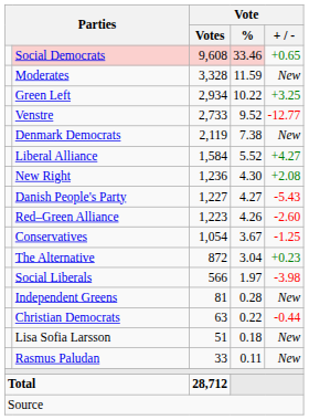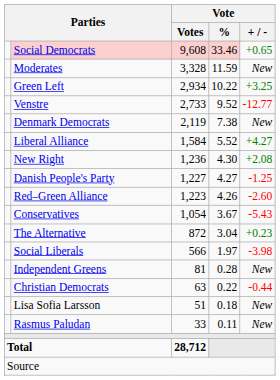 <table class="wikitable" style="text-align:right;">
 <tr>
 <th style="text-align:centre;" rowspan="2" colspan="2" width="225">Parties</th>
 <th colspan="3">Vote</th>
 </tr>
 <tr>
 <th width="15">Votes</th>
 <th width="15">%</th>
 <th width="15">+ / -</th>
 </tr>
 <tr>
 <td width="2" style="color:inherit;background:"></td>
 <td bgcolor=#fbd0ce  align="left"><a href='#'>Social Democrats</a></td>
 <td bgcolor=#fbd0ce>9,608</td>
 <td bgcolor=#fbd0ce>33.46</td>
 <td style=color:green;>+0.65</td>
 </tr>
 <tr>
 <td width="2" style="color:inherit;background:"></td>
 <td align="left"><a href='#'>Moderates</a></td>
 <td>3,328</td>
 <td>11.59</td>
 <td><em>New</em></td>
 </tr>
 <tr>
 <td width="2" style="color:inherit;background:"></td>
 <td align="left"><a href='#'>Green Left</a></td>
 <td>2,934</td>
 <td>10.22</td>
 <td style=color:green;>+3.25</td>
 </tr>
 <tr>
 <td width="2" style="color:inherit;background:"></td>
 <td align="left"><a href='#'>Venstre</a></td>
 <td>2,733</td>
 <td>9.52</td>
 <td style=color:red;>-12.77</td>
 </tr>
 <tr>
 <td width="2" style="color:inherit;background:"></td>
 <td align="left"><a href='#'>Denmark Democrats</a></td>
 <td>2,119</td>
 <td>7.38</td>
 <td><em>New</em></td>
 </tr>
 <tr>
 <td width="2" style="color:inherit;background:"></td>
 <td align="left"><a href='#'>Liberal Alliance</a></td>
 <td>1,584</td>
 <td>5.52</td>
 <td style=color:green;>+4.27</td>
 </tr>
 <tr>
 <td width="2" style="color:inherit;background:"></td>
 <td align="left"><a href='#'>New Right</a></td>
 <td>1,236</td>
 <td>4.30</td>
 <td style=color:green;>+2.08</td>
 </tr>
 <tr>
 <td width="2" style="color:inherit;background:"></td>
 <td align="left"><a href='#'>Danish People's Party</a></td>
 <td>1,227</td>
 <td>4.27</td>
-<td style=color:red;>-5.43</td>
+<td style=color:red;>-1.25</td>
 </tr>
 <tr>
 <td width="2" style="color:inherit;background:"></td>
 <td align="left"><a href='#'>Red–Green Alliance</a></td>
 <td>1,223</td>
 <td>4.26</td>
 <td style=color:red;>-2.60</td>
 </tr>
 <tr>
 <td width="2" style="color:inherit;background:"></td>
 <td align="left"><a href='#'>Conservatives</a></td>
 <td>1,054</td>
 <td>3.67</td>
-<td style=color:red;>-1.25</td>
+<td style=color:red;>-5.43</td>
 </tr>
 <tr>
 <td width="2" style="color:inherit;background:"></td>
 <td align="left"><a href='#'>The Alternative</a></td>
 <td>872</td>
 <td>3.04</td>
 <td style=color:green;>+0.23</td>
 </tr>
 <tr>
 <td width="2" style="color:inherit;background:"></td>
 <td align="left"><a href='#'>Social Liberals</a></td>
 <td>566</td>
 <td>1.97</td>
 <td style=color:red;>-3.98</td>
 </tr>
 <tr>
 <td width="2" style="color:inherit;background:"></td>
 <td align="left"><a href='#'>Independent Greens</a></td>
 <td>81</td>
 <td>0.28</td>
 <td><em>New</em></td>
 </tr>
 <tr>
 <td width="2" style="color:inherit;background:"></td>
 <td align="left"><a href='#'>Christian Democrats</a></td>
 <td>63</td>
 <td>0.22</td>
 <td style=color:red;>-0.44</td>
 </tr>
 <tr>
 <td width="2" style="color:inherit;background:"></td>
 <td align="left">Lisa Sofia Larsson</td>
 <td>51</td>
 <td>0.18</td>
 <td><em>New</em></td>
 </tr>
 <tr>
 <td width="2" style="color:inherit;background:"></td>
 <td align="left"><a href='#'>Rasmus Paludan</a></td>
 <td>33</td>
 <td>0.11</td>
 <td><em>New</em></td>
 </tr>
 <tr>
 <td colspan="7" bgcolor="#E9E9E9"></td>
 </tr>
 <tr>
 <td align="left" colspan="2"><strong>Total</strong></td>
 <td><strong>28,712</strong></td>
 <td bgcolor="#E9E9E9" colspan="2"></td>
 </tr>
 <tr>
 <td align="left" colspan="6">Source</td>
 </tr>
 </table>
